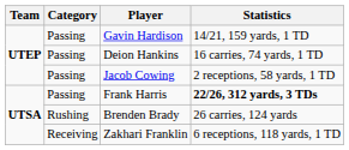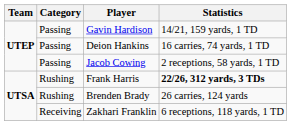 <table class="wikitable" style="float: left;">
 <tr>
 <th>Team</th>
 <th>Category</th>
 <th>Player</th>
 <th>Statistics</th>
 </tr>
 <tr>
 <td rowspan=3><strong>UTEP</strong></td>
 <td>Passing</td>
 <td><a href='#'>Gavin Hardison</a></td>
 <td>14/21, 159 yards, 1 TD</td>
 </tr>
 <tr>
 <td>Passing</td>
 <td>Deion Hankins</td>
 <td>16 carries, 74 yards, 1 TD</td>
 </tr>
 <tr>
 <td>Passing</td>
 <td><a href='#'>Jacob Cowing</a></td>
 <td>2 receptions, 58 yards, 1 TD</td>
 </tr>
 <tr>
 <td rowspan=3><strong>UTSA</strong></td>
-<td>Passing</td>
+<td>Rushing</td>
 <td>Frank Harris</td>
 <td><strong>22/26, 312 yards, 3 TDs</strong></td>
 </tr>
 <tr>
 <td>Rushing</td>
 <td>Brenden Brady</td>
 <td>26 carries, 124 yards</td>
 </tr>
 <tr>
 <td>Receiving</td>
 <td>Zakhari Franklin</td>
 <td>6 receptions, 118 yards, 1 TD</td>
 </tr>
 </table>
